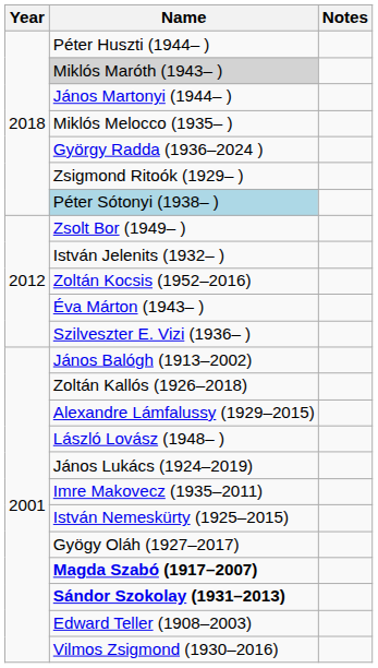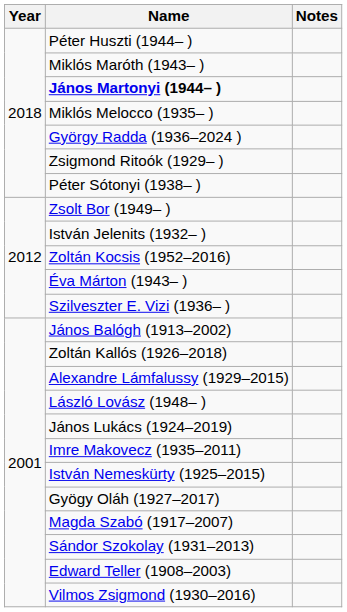 <table class="wikitable">
 <tr>
 <th>Year</th>
 <th>Name</th>
 <th>Notes</th>
 </tr>
 <tr>
 <td rowspan="7">2018</td>
 <td>Péter Huszti (1944– )</td>
 <td></td>
 </tr>
 <tr>
-<td style="background: lightgrey;">Miklós Maróth (1943– )</td>
+<td>Miklós Maróth (1943– )</td>
 <td></td>
 </tr>
 <tr>
-<td><a href='#'>János Martonyi</a> (1944– )</td>
+<td><strong><a href='#'>János Martonyi</a> (1944– )</strong></td>
 <td></td>
 </tr>
 <tr>
 <td>Miklós Melocco (1935– )</td>
 <td></td>
 </tr>
 <tr>
 <td><a href='#'>György Radda</a> (1936–2024 )</td>
 <td></td>
 </tr>
 <tr>
 <td>Zsigmond Ritoók (1929– )</td>
 <td></td>
 </tr>
 <tr>
-<td style="background: lightblue;">Péter Sótonyi (1938– )</td>
+<td>Péter Sótonyi (1938– )</td>
 <td></td>
 </tr>
 <tr>
 <td rowspan="5">2012</td>
 <td><a href='#'>Zsolt Bor</a> (1949– )</td>
 <td></td>
 </tr>
 <tr>
 <td>István Jelenits (1932– )</td>
 <td></td>
 </tr>
 <tr>
 <td><a href='#'>Zoltán Kocsis</a> (1952–2016)</td>
 <td></td>
 </tr>
 <tr>
 <td><a href='#'>Éva Márton</a> (1943– )</td>
 <td></td>
 </tr>
 <tr>
 <td><a href='#'>Szilveszter E. Vizi</a> (1936– )</td>
 <td></td>
 </tr>
 <tr>
 <td rowspan="12">2001</td>
 <td><a href='#'>János Balógh</a> (1913–2002)</td>
 <td></td>
 </tr>
 <tr>
 <td>Zoltán Kallós (1926–2018)</td>
 <td></td>
 </tr>
 <tr>
 <td><a href='#'>Alexandre Lámfalussy</a> (1929–2015)</td>
 <td></td>
 </tr>
 <tr>
 <td><a href='#'>László Lovász</a> (1948– )</td>
 <td></td>
 </tr>
 <tr>
 <td>János Lukács (1924–2019)</td>
 <td></td>
 </tr>
 <tr>
 <td><a href='#'>Imre Makovecz</a> (1935–2011)</td>
 <td></td>
 </tr>
 <tr>
 <td><a href='#'>István Nemeskürty</a> (1925–2015)</td>
 <td></td>
 </tr>
 <tr>
 <td>Gyögy Oláh (1927–2017)</td>
 <td></td>
 </tr>
 <tr>
-<td><strong><a href='#'>Magda Szabó</a> (1917–2007)</strong></td>
+<td><a href='#'>Magda Szabó</a> (1917–2007)</td>
 <td></td>
 </tr>
 <tr>
-<td><strong><a href='#'>Sándor Szokolay</a> (1931–2013)</strong></td>
+<td><a href='#'>Sándor Szokolay</a> (1931–2013)</td>
 <td></td>
 </tr>
 <tr>
 <td><a href='#'>Edward Teller</a> (1908–2003)</td>
 <td></td>
 </tr>
 <tr>
 <td><a href='#'>Vilmos Zsigmond</a> (1930–2016)</td>
 <td></td>
 </tr>
 </table>
